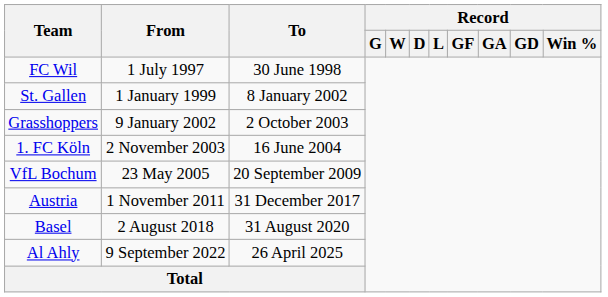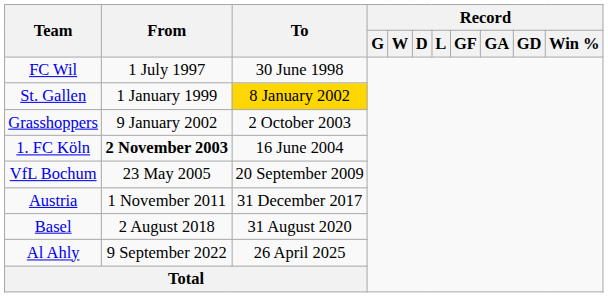 <table class="wikitable" style="text-align: center">
 <tr>
 <th rowspan="2">Team</th>
 <th rowspan="2">From</th>
 <th rowspan="2">To</th>
 <th colspan="8">Record</th>
 </tr>
 <tr>
 <th>G</th>
 <th>W</th>
 <th>D</th>
 <th>L</th>
 <th>GF</th>
 <th>GA</th>
 <th>GD</th>
 <th>Win %</th>
 </tr>
 <tr>
 <td><a href='#'>FC Wil</a></td>
 <td>1 July 1997</td>
 <td>30 June 1998<br></td>
 </tr>
 <tr>
 <td><a href='#'>St. Gallen</a></td>
 <td>1 January 1999</td>
-<td>8 January 2002<br></td>
+<td style="background: gold;">8 January 2002<br></td>
 </tr>
 <tr>
 <td><a href='#'>Grasshoppers</a></td>
 <td>9 January 2002</td>
 <td>2 October 2003<br></td>
 </tr>
 <tr>
 <td><a href='#'>1. FC Köln</a></td>
-<td>2 November 2003</td>
+<td><strong>2 November 2003</strong></td>
 <td>16 June 2004<br></td>
 </tr>
 <tr>
 <td><a href='#'>VfL Bochum</a></td>
 <td>23 May 2005</td>
 <td>20 September 2009<br></td>
 </tr>
 <tr>
 <td><a href='#'>Austria</a></td>
 <td>1 November 2011</td>
 <td>31 December 2017<br></td>
 </tr>
 <tr>
 <td><a href='#'>Basel</a></td>
 <td>2 August 2018</td>
 <td>31 August 2020<br></td>
 </tr>
 <tr>
 <td><a href='#'>Al Ahly</a></td>
 <td>9 September 2022</td>
 <td>26 April 2025<br></td>
 </tr>
 <tr>
 <th colspan="3">Total<br></th>
 </tr>
 </table>
